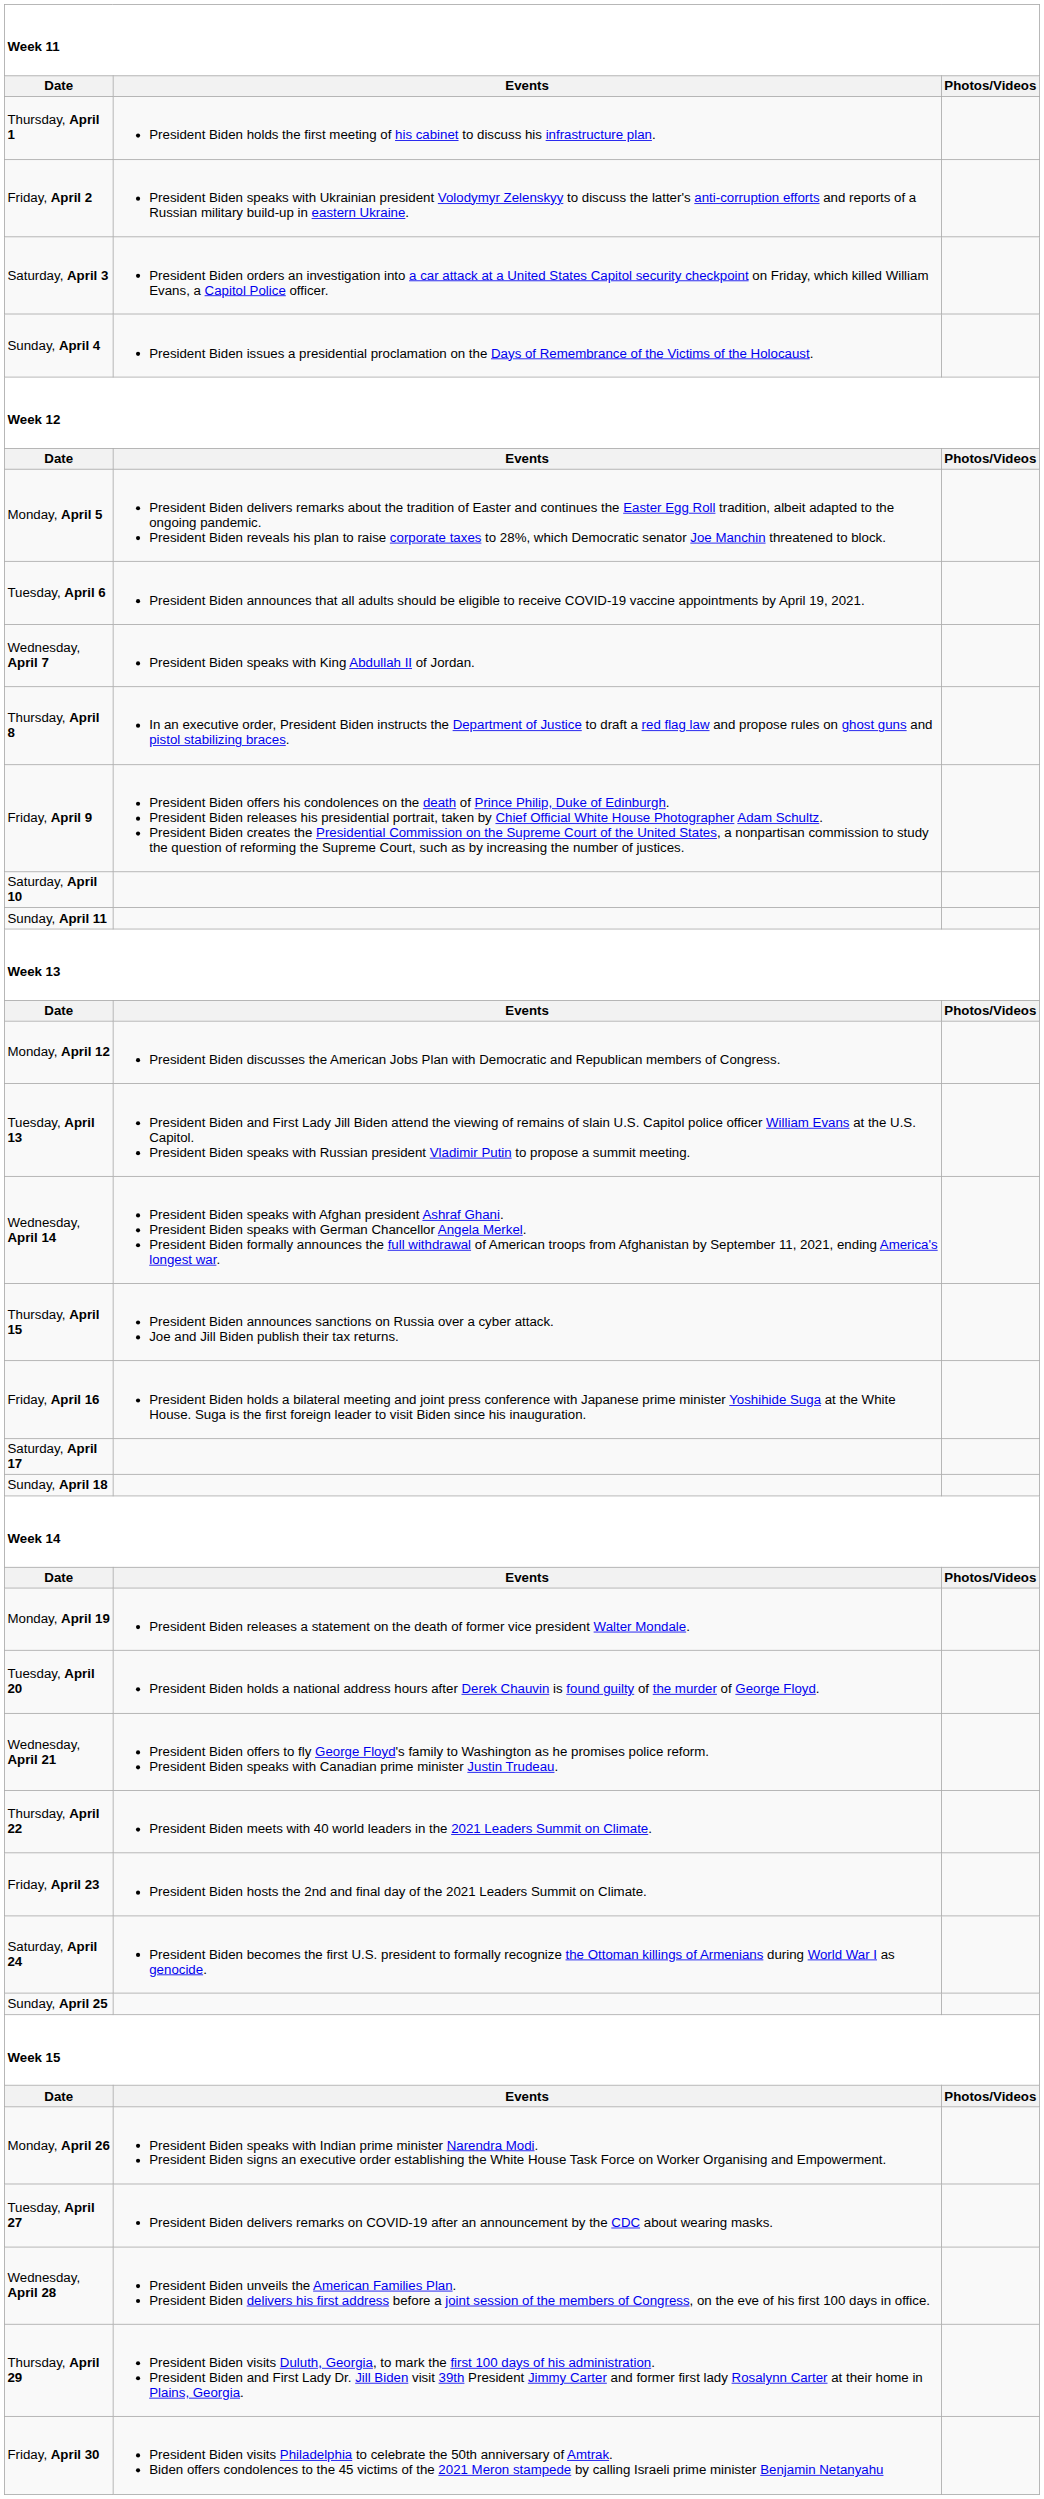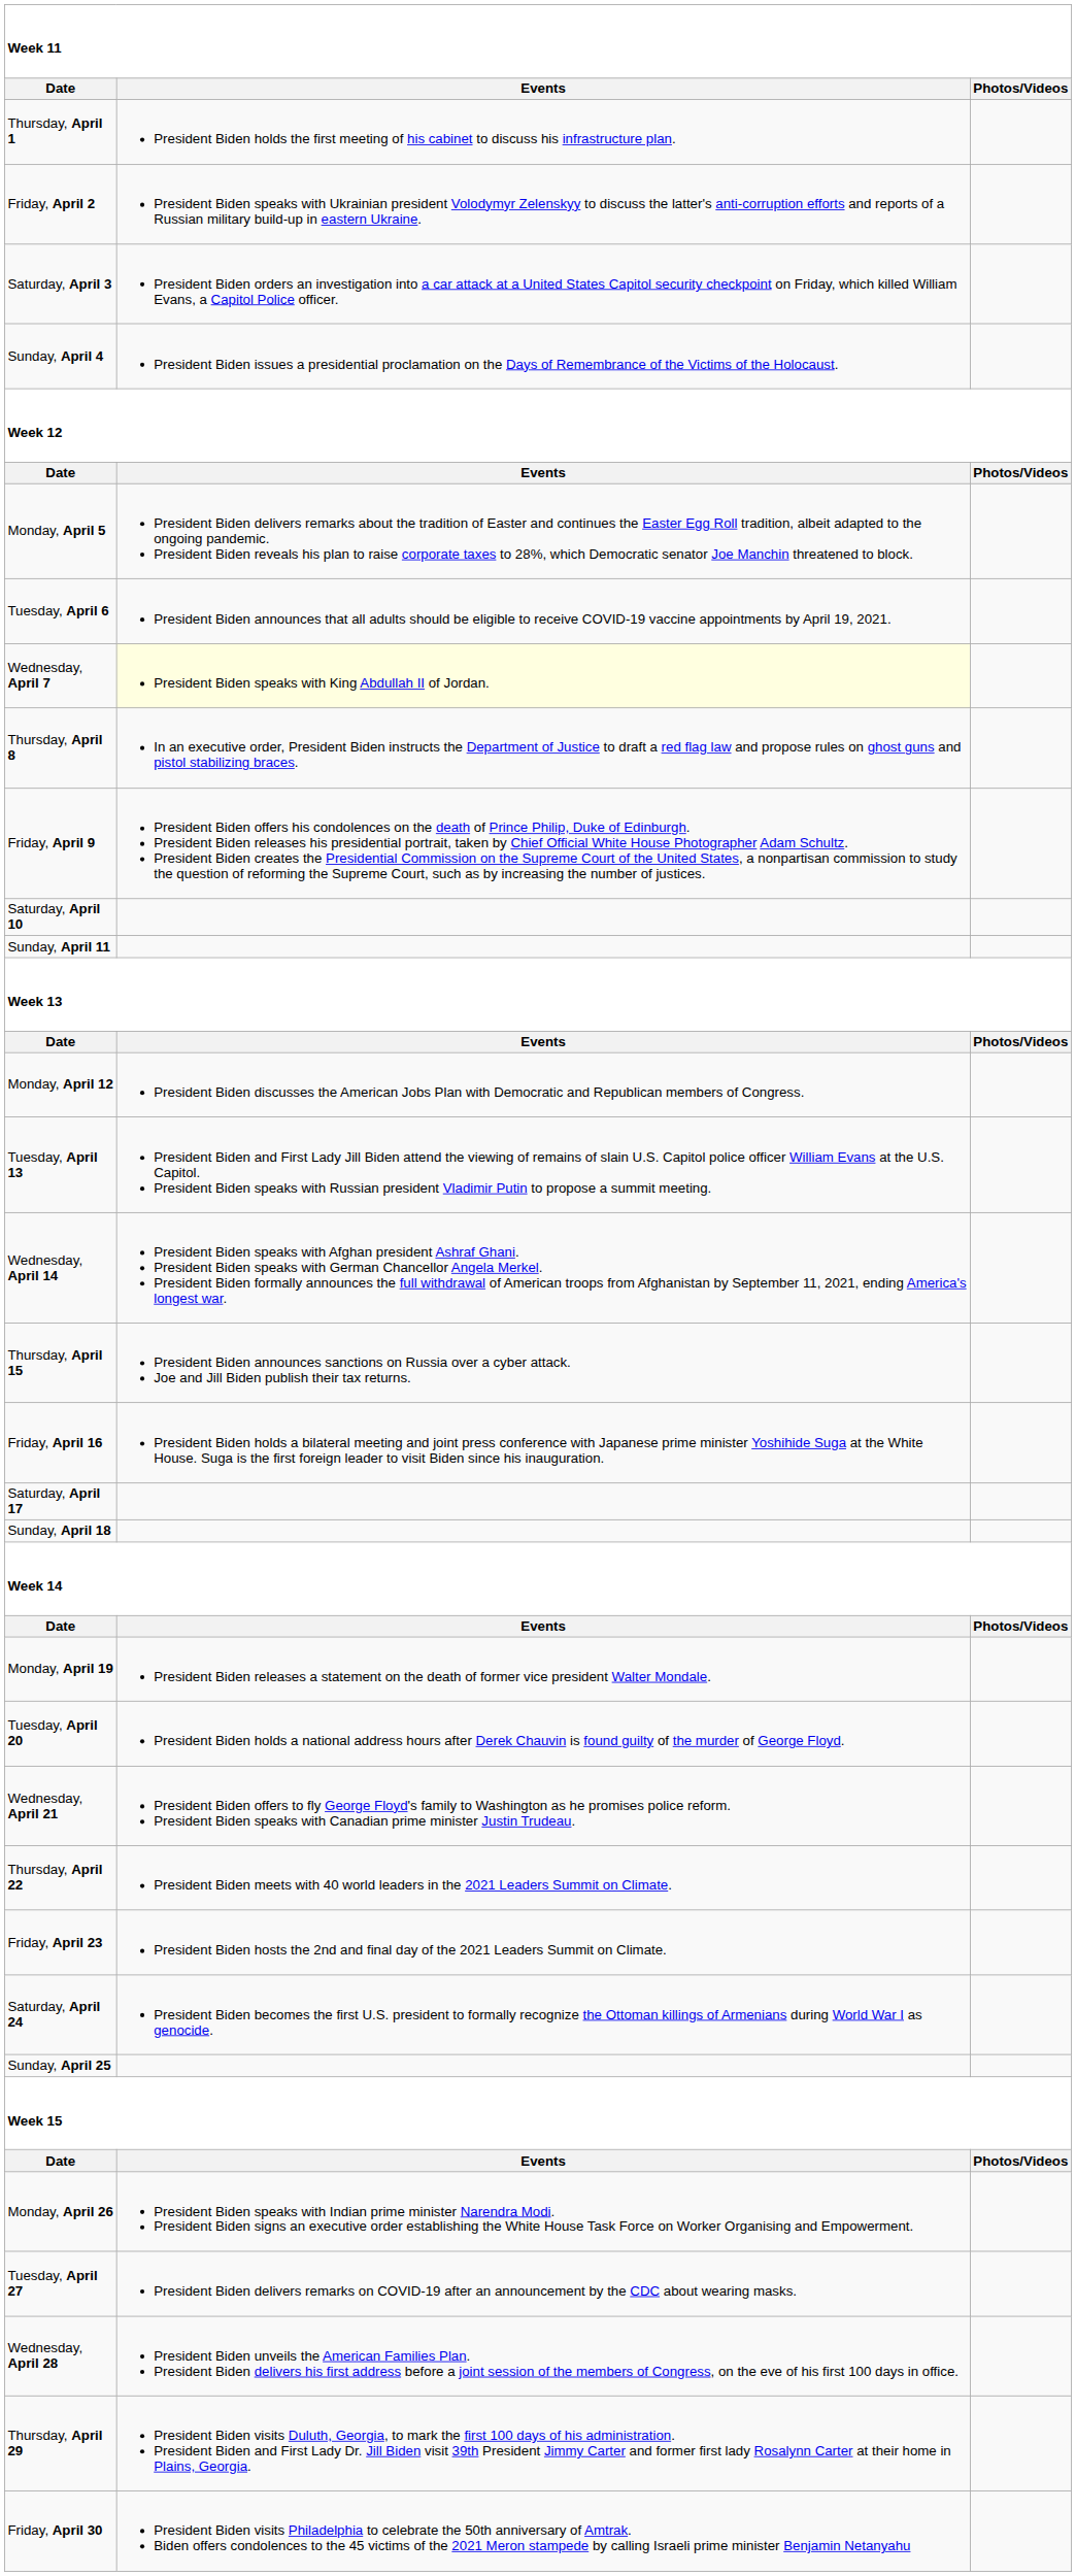 <table class="wikitable">
 <tr style="background:white;">
 <td colspan="3"><br><h4>Week 11</h4></td>
 </tr>
 <tr>
 <th>Date</th>
 <th>Events</th>
 <th>Photos/Videos</th>
 </tr>
 <tr>
 <td>Thursday, <strong>April 1</strong></td>
 <td><br><ul><li>President Biden holds the first meeting of <a href='#'>his cabinet</a> to discuss his <a href='#'>infrastructure plan</a>.</li></ul></td>
 <td></td>
 </tr>
 <tr>
 <td>Friday, <strong>April 2</strong></td>
 <td><br><ul><li>President Biden speaks with Ukrainian president <a href='#'>Volodymyr Zelenskyy</a> to discuss the latter's <a href='#'>anti-corruption efforts</a> and reports of a Russian military build-up in <a href='#'>eastern Ukraine</a>.</li></ul></td>
 <td></td>
 </tr>
 <tr>
 <td>Saturday, <strong>April 3</strong></td>
 <td><br><ul><li>President Biden orders an investigation into <a href='#'>a car attack at a United States Capitol security checkpoint</a> on Friday, which killed William Evans, a <a href='#'>Capitol Police</a> officer.</li></ul></td>
 <td></td>
 </tr>
 <tr>
 <td>Sunday, <strong>April 4</strong></td>
 <td><br><ul><li>President Biden issues a presidential proclamation on the <a href='#'>Days of Remembrance of the Victims of the Holocaust</a>.</li></ul></td>
 <td></td>
 </tr>
 <tr style="background:white;">
 <td colspan="3"><br><h4>Week 12</h4></td>
 </tr>
 <tr>
 <th>Date</th>
 <th>Events</th>
 <th>Photos/Videos</th>
 </tr>
 <tr>
 <td>Monday, <strong>April 5</strong></td>
 <td><br><ul><li>President Biden delivers remarks about the tradition of Easter and continues the <a href='#'>Easter Egg Roll</a> tradition, albeit adapted to the ongoing pandemic.</li><li>President Biden reveals his plan to raise <a href='#'>corporate taxes</a> to 28%, which Democratic senator <a href='#'>Joe Manchin</a> threatened to block.</li></ul></td>
 <td></td>
 </tr>
 <tr>
 <td>Tuesday, <strong>April 6</strong></td>
 <td><br><ul><li>President Biden announces that all adults should be eligible to receive COVID-19 vaccine appointments by April 19, 2021.</li></ul></td>
 <td></td>
 </tr>
 <tr>
 <td>Wednesday, <strong>April 7</strong></td>
-<td><br><ul><li>President Biden speaks with King <a href='#'>Abdullah II</a> of Jordan.</li></ul></td>
+<td style="background: lightyellow;"><br><ul><li>President Biden speaks with King <a href='#'>Abdullah II</a> of Jordan.</li></ul></td>
 <td></td>
 </tr>
 <tr>
 <td>Thursday, <strong>April 8</strong></td>
 <td><br><ul><li>In an executive order, President Biden instructs the <a href='#'>Department of Justice</a> to draft a <a href='#'>red flag law</a> and propose rules on <a href='#'>ghost guns</a> and <a href='#'>pistol stabilizing braces</a>.</li></ul></td>
 <td> </td>
 </tr>
 <tr>
 <td>Friday, <strong>April 9</strong></td>
 <td><br><ul><li>President Biden offers his condolences on the <a href='#'>death</a> of <a href='#'>Prince Philip, Duke of Edinburgh</a>.</li><li>President Biden releases his presidential portrait, taken by <a href='#'>Chief Official White House Photographer</a> <a href='#'>Adam Schultz</a>.</li><li>President Biden creates the <a href='#'>Presidential Commission on the Supreme Court of the United States</a>, a nonpartisan commission to study the question of reforming the Supreme Court, such as by increasing the number of justices.</li></ul></td>
 <td></td>
 </tr>
 <tr>
 <td>Saturday, <strong>April 10</strong></td>
 <td></td>
 <td></td>
 </tr>
 <tr>
 <td>Sunday, <strong>April 11</strong></td>
 <td></td>
 <td></td>
 </tr>
 <tr style="background:white;">
 <td colspan=3><br><h4>Week 13</h4></td>
 </tr>
 <tr>
 <th>Date</th>
 <th>Events</th>
 <th>Photos/Videos</th>
 </tr>
 <tr>
 <td>Monday, <strong>April 12</strong></td>
 <td><br><ul><li>President Biden discusses the American Jobs Plan with Democratic and Republican members of Congress.</li></ul></td>
 <td></td>
 </tr>
 <tr>
 <td>Tuesday, <strong>April 13</strong></td>
 <td><br><ul><li>President Biden and First Lady Jill Biden attend the viewing of remains of slain U.S. Capitol police officer <a href='#'>William Evans</a> at the U.S. Capitol.</li><li>President Biden speaks with Russian president <a href='#'>Vladimir Putin</a> to propose a summit meeting.</li></ul></td>
 <td></td>
 </tr>
 <tr>
 <td>Wednesday, <strong>April 14</strong></td>
 <td><br><ul><li>President Biden speaks with Afghan president <a href='#'>Ashraf Ghani</a>.</li><li>President Biden speaks with German Chancellor <a href='#'>Angela Merkel</a>.</li><li>President Biden formally announces the <a href='#'>full withdrawal</a> of American troops from Afghanistan by September 11, 2021, ending <a href='#'>America's longest war</a>.</li></ul></td>
 <td><br></td>
 </tr>
 <tr>
 <td>Thursday, <strong>April 15</strong></td>
 <td><br><ul><li>President Biden announces sanctions on Russia over a cyber attack.</li><li>Joe and Jill Biden publish their tax returns.</li></ul></td>
 <td></td>
 </tr>
 <tr>
 <td>Friday, <strong>April 16</strong></td>
 <td><br><ul><li>President Biden holds a bilateral meeting and joint press conference with Japanese prime minister <a href='#'>Yoshihide Suga</a> at the White House. Suga is the first foreign leader to visit Biden since his inauguration.</li></ul></td>
 <td><br></td>
 </tr>
 <tr>
 <td>Saturday, <strong>April 17</strong></td>
 <td></td>
 <td></td>
 </tr>
 <tr>
 <td>Sunday, <strong>April 18</strong></td>
 <td></td>
 <td></td>
 </tr>
 <tr style="background:white;">
 <td colspan=3><br><h4>Week 14</h4></td>
 </tr>
 <tr>
 <th>Date</th>
 <th>Events</th>
 <th>Photos/Videos</th>
 </tr>
 <tr>
 <td>Monday, <strong>April 19</strong></td>
 <td><br><ul><li>President Biden releases a statement on the death of former vice president <a href='#'>Walter Mondale</a>.</li></ul></td>
 <td></td>
 </tr>
 <tr>
 <td>Tuesday, <strong>April 20</strong></td>
 <td><br><ul><li>President Biden holds a national address hours after <a href='#'>Derek Chauvin</a> is <a href='#'>found guilty</a> of <a href='#'>the murder</a> of <a href='#'>George Floyd</a>.</li></ul></td>
 <td><br></td>
 </tr>
 <tr>
 <td>Wednesday, <strong>April 21</strong></td>
 <td><br><ul><li>President Biden offers to fly <a href='#'>George Floyd</a>'s family to Washington as he promises police reform.</li><li>President Biden speaks with Canadian prime minister <a href='#'>Justin Trudeau</a>.</li></ul></td>
 <td></td>
 </tr>
 <tr>
 <td>Thursday, <strong>April 22</strong></td>
 <td><br><ul><li>President Biden meets with 40 world leaders in the <a href='#'>2021 Leaders Summit on Climate</a>.</li></ul></td>
 <td></td>
 </tr>
 <tr>
 <td>Friday, <strong>April 23</strong></td>
 <td><br><ul><li>President Biden hosts the 2nd and final day of the 2021 Leaders Summit on Climate.</li></ul></td>
 <td></td>
 </tr>
 <tr>
 <td>Saturday, <strong>April 24</strong></td>
 <td><br><ul><li>President Biden becomes the first U.S. president to formally recognize <a href='#'>the Ottoman killings of Armenians</a> during <a href='#'>World War I</a> as <a href='#'>genocide</a>.</li></ul></td>
 <td></td>
 </tr>
 <tr>
 <td>Sunday, <strong>April 25</strong></td>
 <td></td>
 <td></td>
 </tr>
 <tr style="background:white;">
 <td colspan=3><br><h4>Week 15</h4></td>
 </tr>
 <tr>
 <th>Date</th>
 <th>Events</th>
 <th>Photos/Videos</th>
 </tr>
 <tr>
 <td>Monday, <strong>April 26</strong></td>
 <td><br><ul><li>President Biden speaks with Indian prime minister <a href='#'>Narendra Modi</a>.</li><li>President Biden signs an executive order establishing the White House Task Force on Worker Organising and Empowerment.</li></ul></td>
 <td></td>
 </tr>
 <tr>
 <td>Tuesday, <strong>April 27</strong></td>
 <td><br><ul><li>President Biden delivers remarks on COVID-19 after an announcement by the <a href='#'>CDC</a> about wearing masks.</li></ul></td>
 <td></td>
 </tr>
 <tr>
 <td>Wednesday, <strong>April 28</strong></td>
 <td><br><ul><li>President Biden unveils the <a href='#'>American Families Plan</a>.</li><li>President Biden <a href='#'>delivers his first address</a> before a <a href='#'>joint session of the members of Congress</a>, on the eve of his first 100 days in office.</li></ul></td>
 <td></td>
 </tr>
 <tr>
 <td>Thursday, <strong>April 29</strong></td>
 <td><br><ul><li>President Biden visits <a href='#'>Duluth, Georgia</a>, to mark the <a href='#'>first 100 days of his administration</a>.</li><li>President Biden and First Lady Dr. <a href='#'>Jill Biden</a> visit <a href='#'>39th</a> President <a href='#'>Jimmy Carter</a> and former first lady <a href='#'>Rosalynn Carter</a> at their home in <a href='#'>Plains, Georgia</a>.</li></ul></td>
 <td></td>
 </tr>
 <tr>
 <td>Friday, <strong>April 30</strong></td>
 <td><br><ul><li>President Biden visits <a href='#'>Philadelphia</a> to celebrate the 50th anniversary of <a href='#'>Amtrak</a>.</li><li>Biden offers condolences to the 45 victims of the <a href='#'>2021 Meron stampede</a> by calling Israeli prime minister <a href='#'>Benjamin Netanyahu</a></li></ul></td>
 <td></td>
 </tr>
 </table>
